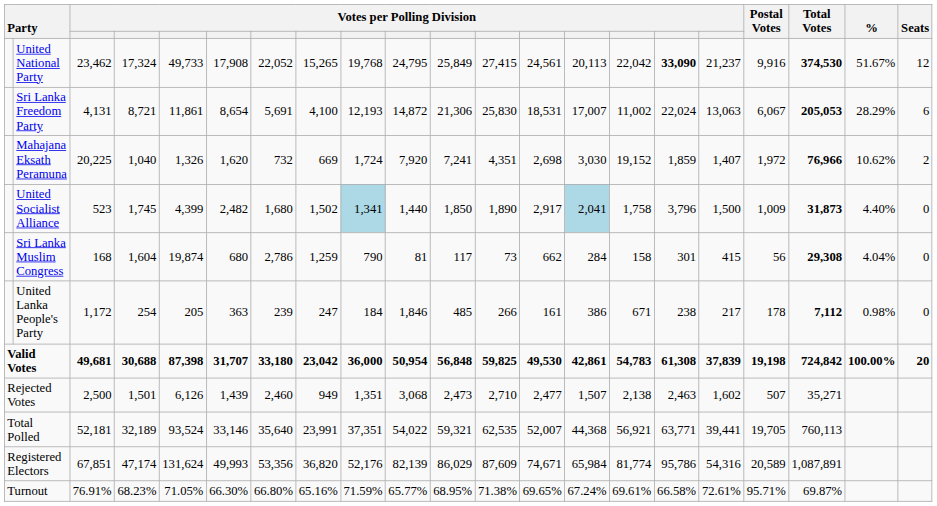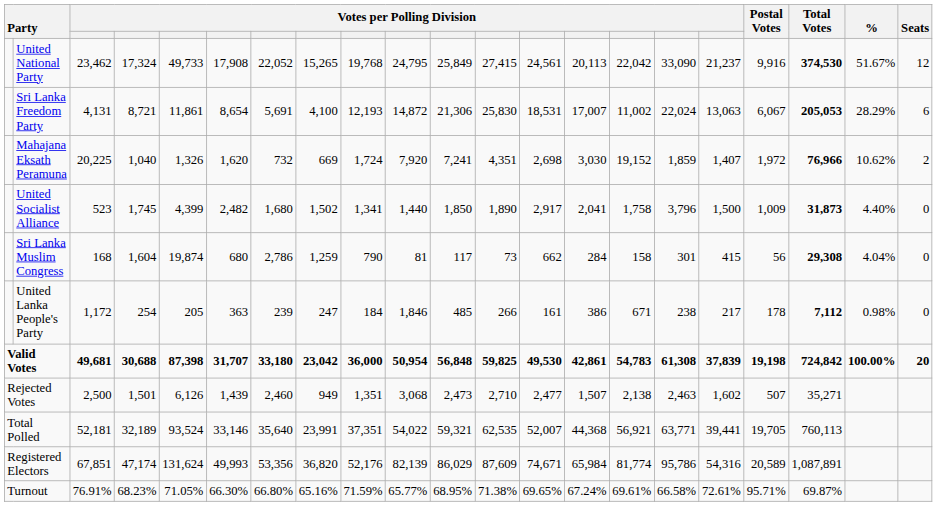 <table class="wikitable" style="text-align:right;">
 <tr>
 <th style="text-align:left; vertical-align:bottom;" rowspan="2" colspan="2">Party</th>
 <th colspan=15>Votes per Polling Division</th>
 <th rowspan="2" style="vertical-align:bottom; text-align:center; width:50px;">Postal<br>Votes</th>
 <th rowspan="2" style="vertical-align:bottom; text-align:center; width:50px;">Total Votes</th>
 <th rowspan="2" style="vertical-align:bottom; text-align:center; width:50px;">%</th>
 <th rowspan="2" style="vertical-align:bottom; text-align:center; width:40px;">Seats</th>
 </tr>
 <tr>
 <th></th>
 <th></th>
 <th></th>
 <th></th>
 <th></th>
 <th></th>
 <th></th>
 <th></th>
 <th></th>
 <th></th>
 <th></th>
 <th></th>
 <th></th>
 <th></th>
 <th></th>
 </tr>
 <tr>
 <td bgcolor=> </td>
 <td align=left><a href='#'>United National Party</a></td>
 <td>23,462</td>
 <td>17,324</td>
 <td>49,733</td>
 <td>17,908</td>
 <td>22,052</td>
 <td>15,265</td>
 <td>19,768</td>
 <td>24,795</td>
 <td>25,849</td>
 <td>27,415</td>
 <td>24,561</td>
 <td>20,113</td>
 <td>22,042</td>
-<td><strong>33,090</strong></td>
+<td>33,090</td>
 <td>21,237</td>
 <td>9,916</td>
 <td><strong>374,530</strong></td>
 <td>51.67%</td>
 <td>12</td>
 </tr>
 <tr>
 <td bgcolor=> </td>
 <td align=left><a href='#'>Sri Lanka Freedom Party</a></td>
 <td>4,131</td>
 <td>8,721</td>
 <td>11,861</td>
 <td>8,654</td>
 <td>5,691</td>
 <td>4,100</td>
 <td>12,193</td>
 <td>14,872</td>
 <td>21,306</td>
 <td>25,830</td>
 <td>18,531</td>
 <td>17,007</td>
 <td>11,002</td>
 <td>22,024</td>
 <td>13,063</td>
 <td>6,067</td>
 <td><strong>205,053</strong></td>
 <td>28.29%</td>
 <td>6</td>
 </tr>
 <tr>
 <td bgcolor=> </td>
 <td align=left><a href='#'>Mahajana Eksath Peramuna</a></td>
 <td>20,225</td>
 <td>1,040</td>
 <td>1,326</td>
 <td>1,620</td>
 <td>732</td>
 <td>669</td>
 <td>1,724</td>
 <td>7,920</td>
 <td>7,241</td>
 <td>4,351</td>
 <td>2,698</td>
 <td>3,030</td>
 <td>19,152</td>
 <td>1,859</td>
 <td>1,407</td>
 <td>1,972</td>
 <td><strong>76,966</strong></td>
 <td>10.62%</td>
 <td>2</td>
 </tr>
 <tr>
 <td bgcolor=> </td>
 <td align=left><a href='#'>United Socialist Alliance</a></td>
 <td>523</td>
 <td>1,745</td>
 <td>4,399</td>
 <td>2,482</td>
 <td>1,680</td>
 <td>1,502</td>
-<td style="background: lightblue;">1,341</td>
+<td>1,341</td>
 <td>1,440</td>
 <td>1,850</td>
 <td>1,890</td>
 <td>2,917</td>
-<td style="background: lightblue;">2,041</td>
+<td>2,041</td>
 <td>1,758</td>
 <td>3,796</td>
 <td>1,500</td>
 <td>1,009</td>
 <td><strong>31,873</strong></td>
 <td>4.40%</td>
 <td>0</td>
 </tr>
 <tr>
 <td bgcolor=> </td>
 <td align=left><a href='#'>Sri Lanka Muslim Congress</a></td>
 <td>168</td>
 <td>1,604</td>
 <td>19,874</td>
 <td>680</td>
 <td>2,786</td>
 <td>1,259</td>
 <td>790</td>
 <td>81</td>
 <td>117</td>
 <td>73</td>
 <td>662</td>
 <td>284</td>
 <td>158</td>
 <td>301</td>
 <td>415</td>
 <td>56</td>
 <td><strong>29,308</strong></td>
 <td>4.04%</td>
 <td>0</td>
 </tr>
 <tr>
 <td bgcolor=> </td>
 <td align=left>United Lanka People's Party</td>
 <td>1,172</td>
 <td>254</td>
 <td>205</td>
 <td>363</td>
 <td>239</td>
 <td>247</td>
 <td>184</td>
 <td>1,846</td>
 <td>485</td>
 <td>266</td>
 <td>161</td>
 <td>386</td>
 <td>671</td>
 <td>238</td>
 <td>217</td>
 <td>178</td>
 <td><strong>7,112</strong></td>
 <td>0.98%</td>
 <td>0</td>
 </tr>
 <tr style="font-weight:bold">
 <td style="text-align:left;" colspan="2">Valid Votes</td>
 <td>49,681</td>
 <td>30,688</td>
 <td>87,398</td>
 <td>31,707</td>
 <td>33,180</td>
 <td>23,042</td>
 <td>36,000</td>
 <td>50,954</td>
 <td>56,848</td>
 <td>59,825</td>
 <td>49,530</td>
 <td>42,861</td>
 <td>54,783</td>
 <td>61,308</td>
 <td>37,839</td>
 <td>19,198</td>
 <td>724,842</td>
 <td>100.00%</td>
 <td>20</td>
 </tr>
 <tr>
 <td style="text-align:left;" colspan="2">Rejected Votes</td>
 <td>2,500</td>
 <td>1,501</td>
 <td>6,126</td>
 <td>1,439</td>
 <td>2,460</td>
 <td>949</td>
 <td>1,351</td>
 <td>3,068</td>
 <td>2,473</td>
 <td>2,710</td>
 <td>2,477</td>
 <td>1,507</td>
 <td>2,138</td>
 <td>2,463</td>
 <td>1,602</td>
 <td>507</td>
 <td>35,271</td>
 <td></td>
 <td></td>
 </tr>
 <tr>
 <td style="text-align:left;" colspan="2">Total Polled</td>
 <td>52,181</td>
 <td>32,189</td>
 <td>93,524</td>
 <td>33,146</td>
 <td>35,640</td>
 <td>23,991</td>
 <td>37,351</td>
 <td>54,022</td>
 <td>59,321</td>
 <td>62,535</td>
 <td>52,007</td>
 <td>44,368</td>
 <td>56,921</td>
 <td>63,771</td>
 <td>39,441</td>
 <td>19,705</td>
 <td>760,113</td>
 <td></td>
 <td></td>
 </tr>
 <tr>
 <td style="text-align:left;" colspan="2">Registered Electors</td>
 <td>67,851</td>
 <td>47,174</td>
 <td>131,624</td>
 <td>49,993</td>
 <td>53,356</td>
 <td>36,820</td>
 <td>52,176</td>
 <td>82,139</td>
 <td>86,029</td>
 <td>87,609</td>
 <td>74,671</td>
 <td>65,984</td>
 <td>81,774</td>
 <td>95,786</td>
 <td>54,316</td>
 <td>20,589</td>
 <td>1,087,891</td>
 <td></td>
 <td></td>
 </tr>
 <tr>
 <td style="text-align:left;" colspan="2">Turnout</td>
 <td>76.91%</td>
 <td>68.23%</td>
 <td>71.05%</td>
 <td>66.30%</td>
 <td>66.80%</td>
 <td>65.16%</td>
 <td>71.59%</td>
 <td>65.77%</td>
 <td>68.95%</td>
 <td>71.38%</td>
 <td>69.65%</td>
 <td>67.24%</td>
 <td>69.61%</td>
 <td>66.58%</td>
 <td>72.61%</td>
 <td>95.71%</td>
 <td>69.87%</td>
 <td></td>
 <td></td>
 </tr>
 </table>
